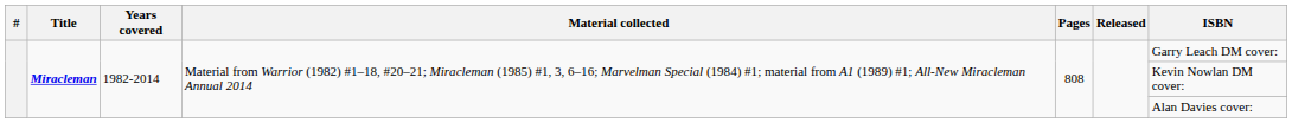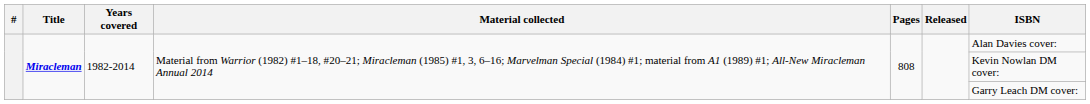 <table class="wikitable sortable" width=99%>
 <tr>
 <th class="unsortable" width=20px>#</th>
 <th>Title</th>
 <th>Years covered</th>
 <th class="unsortable">Material collected</th>
 <th>Pages</th>
 <th>Released</th>
 <th class="unsortable">ISBN</th>
 </tr>
 <tr>
 <th style="background-color: light grey;" rowspan=3></th>
 <td rowspan=3><strong><em><a href='#'>Miracleman</a></em></strong></td>
 <td rowspan=3>1982-2014</td>
 <td rowspan=3>Material from <em>Warrior</em> (1982) #1–18, #20–21; <em>Miracleman</em> (1985) #1, 3, 6–16; <em>Marvelman Special</em> (1984) #1; material from <em>A1</em> (1989) #1; <em>All-New Miracleman Annual 2014</em></td>
 <td style="text-align: center;" rowspan=3>808</td>
 <td rowspan=3></td>
-<td>Garry Leach DM cover: </td>
+<td>Alan Davies cover: </td>
 </tr>
 <tr>
 <td>Kevin Nowlan DM cover: </td>
 </tr>
 <tr>
-<td>Alan Davies cover: </td>
+<td>Garry Leach DM cover: </td>
 </tr>
 </table>
